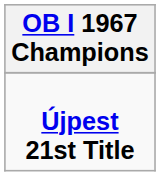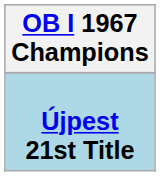 <table class="wikitable" style="text-align: center; margin: 0 auto;">
 <tr>
 <th><a href='#'>OB I</a> 1967<br>Champions</th>
 </tr>
 <tr>
 </tr>
 <tr>
-<td> <br><strong><a href='#'>Újpest</a></strong><br><strong>21st Title</strong></td>
+<td style="background: lightblue;"> <br><strong><a href='#'>Újpest</a></strong><br><strong>21st Title</strong></td>
 </tr>
 </table>
